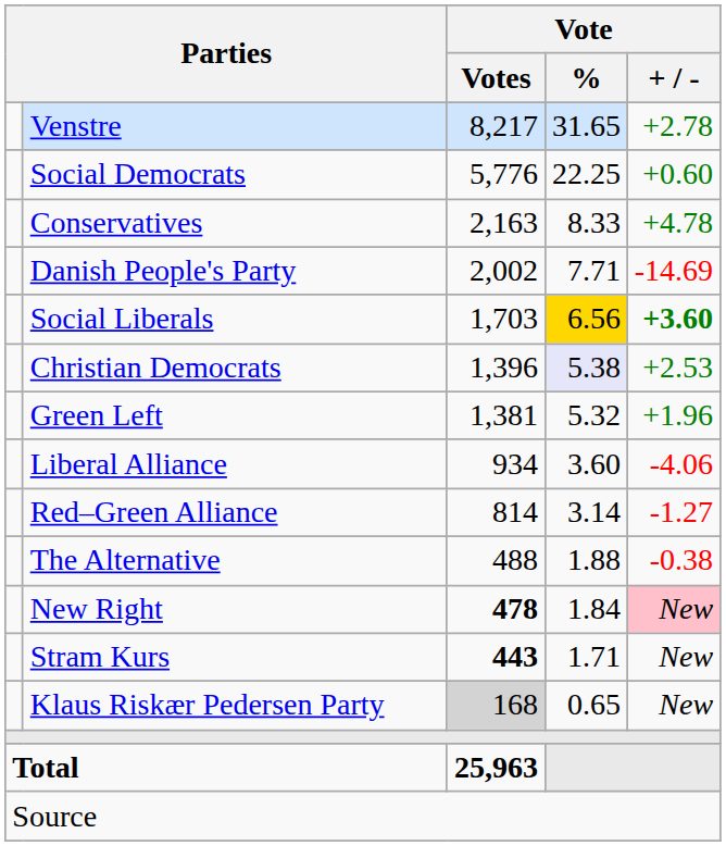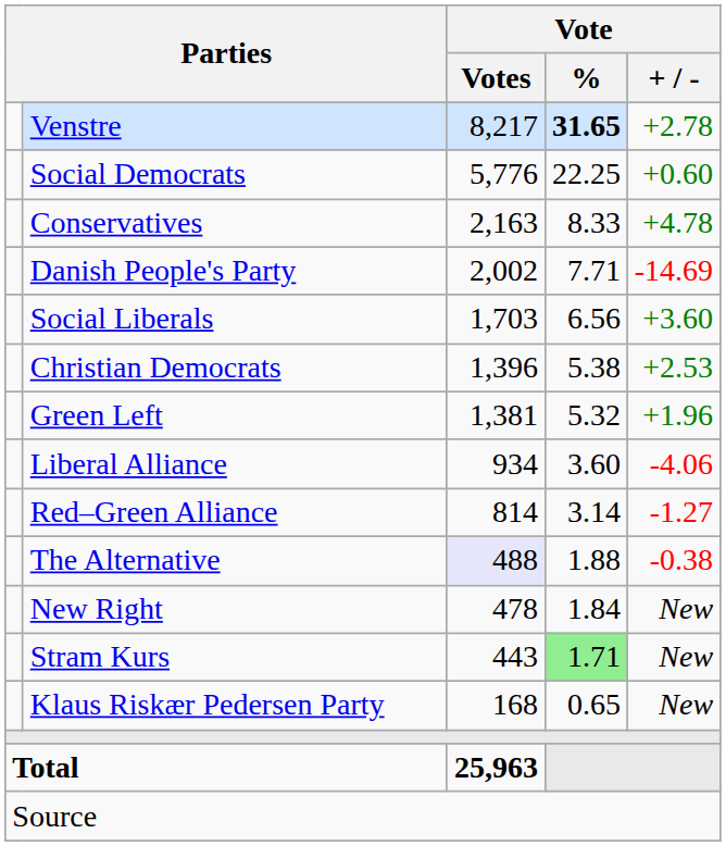 <table class="wikitable" style="text-align:right;">
 <tr>
 <th style="text-align:centre;" rowspan="2" colspan="2" width="225">Parties</th>
 <th colspan="3">Vote</th>
 </tr>
 <tr>
 <th width="15">Votes</th>
 <th width="15">%</th>
 <th width="15">+ / -</th>
 </tr>
 <tr>
 <td width="2" style="color:inherit;background:"></td>
 <td bgcolor=#cfe5fe  align="left"><a href='#'>Venstre</a></td>
 <td bgcolor=#cfe5fe>8,217</td>
-<td bgcolor=#cfe5fe>31.65</td>
+<td bgcolor=#cfe5fe><strong>31.65</strong></td>
 <td style=color:green;>+2.78</td>
 </tr>
 <tr>
 <td width="2" style="color:inherit;background:"></td>
 <td align="left"><a href='#'>Social Democrats</a></td>
 <td>5,776</td>
 <td>22.25</td>
 <td style=color:green;>+0.60</td>
 </tr>
 <tr>
 <td width="2" style="color:inherit;background:"></td>
 <td align="left"><a href='#'>Conservatives</a></td>
 <td>2,163</td>
 <td>8.33</td>
 <td style=color:green;>+4.78</td>
 </tr>
 <tr>
 <td width="2" style="color:inherit;background:"></td>
 <td align="left"><a href='#'>Danish People's Party</a></td>
 <td>2,002</td>
 <td>7.71</td>
 <td style=color:red;>-14.69</td>
 </tr>
 <tr>
 <td width="2" style="color:inherit;background:"></td>
 <td align="left"><a href='#'>Social Liberals</a></td>
 <td>1,703</td>
-<td style="background: gold;">6.56</td>
-<td style=color:green;><strong>+3.60</strong></td>
+<td>6.56</td>
+<td style=color:green;>+3.60</td>
 </tr>
 <tr>
 <td width="2" style="color:inherit;background:"></td>
 <td align="left"><a href='#'>Christian Democrats</a></td>
 <td>1,396</td>
-<td style="background: lavender;">5.38</td>
+<td>5.38</td>
 <td style=color:green;>+2.53</td>
 </tr>
 <tr>
 <td width="2" style="color:inherit;background:"></td>
 <td align="left"><a href='#'>Green Left</a></td>
 <td>1,381</td>
 <td>5.32</td>
 <td style=color:green;>+1.96</td>
 </tr>
 <tr>
 <td width="2" style="color:inherit;background:"></td>
 <td align="left"><a href='#'>Liberal Alliance</a></td>
 <td>934</td>
 <td>3.60</td>
 <td style=color:red;>-4.06</td>
 </tr>
 <tr>
 <td width="2" style="color:inherit;background:"></td>
 <td align="left"><a href='#'>Red–Green Alliance</a></td>
 <td>814</td>
 <td>3.14</td>
 <td style=color:red;>-1.27</td>
 </tr>
 <tr>
 <td width="2" style="color:inherit;background:"></td>
 <td align="left"><a href='#'>The Alternative</a></td>
-<td>488</td>
+<td style="background: lavender;">488</td>
 <td>1.88</td>
 <td style=color:red;>-0.38</td>
 </tr>
 <tr>
 <td width="2" style="color:inherit;background:"></td>
 <td align="left"><a href='#'>New Right</a></td>
-<td><strong>478</strong></td>
+<td>478</td>
 <td>1.84</td>
-<td style="background: pink;"><em>New</em></td>
+<td><em>New</em></td>
 </tr>
 <tr>
 <td width="2" style="color:inherit;background:"></td>
 <td align="left"><a href='#'>Stram Kurs</a></td>
-<td><strong>443</strong></td>
-<td>1.71</td>
+<td>443</td>
+<td style="background: lightgreen;">1.71</td>
 <td><em>New</em></td>
 </tr>
 <tr>
 <td width="2" style="color:inherit;background:"></td>
 <td align="left"><a href='#'>Klaus Riskær Pedersen Party</a></td>
-<td style="background: lightgrey;">168</td>
+<td>168</td>
 <td>0.65</td>
 <td><em>New</em></td>
 </tr>
 <tr>
 <td colspan="7" bgcolor="#E9E9E9"></td>
 </tr>
 <tr>
 <td align="left" colspan="2"><strong>Total</strong></td>
 <td><strong>25,963</strong></td>
 <td bgcolor="#E9E9E9" colspan="2"></td>
 </tr>
 <tr>
 <td align="left" colspan="6">Source</td>
 </tr>
 </table>
